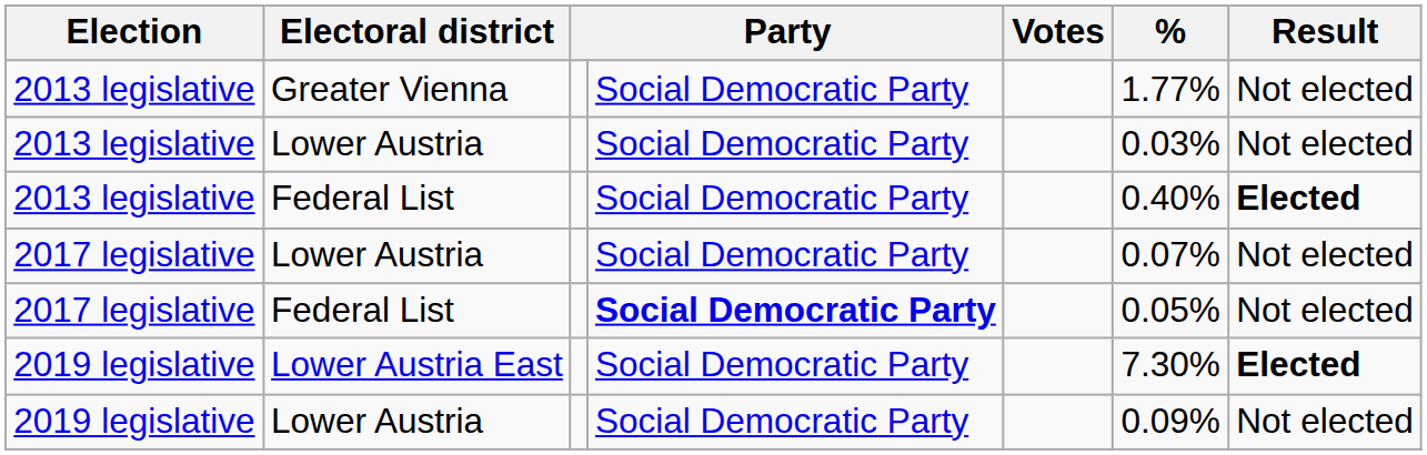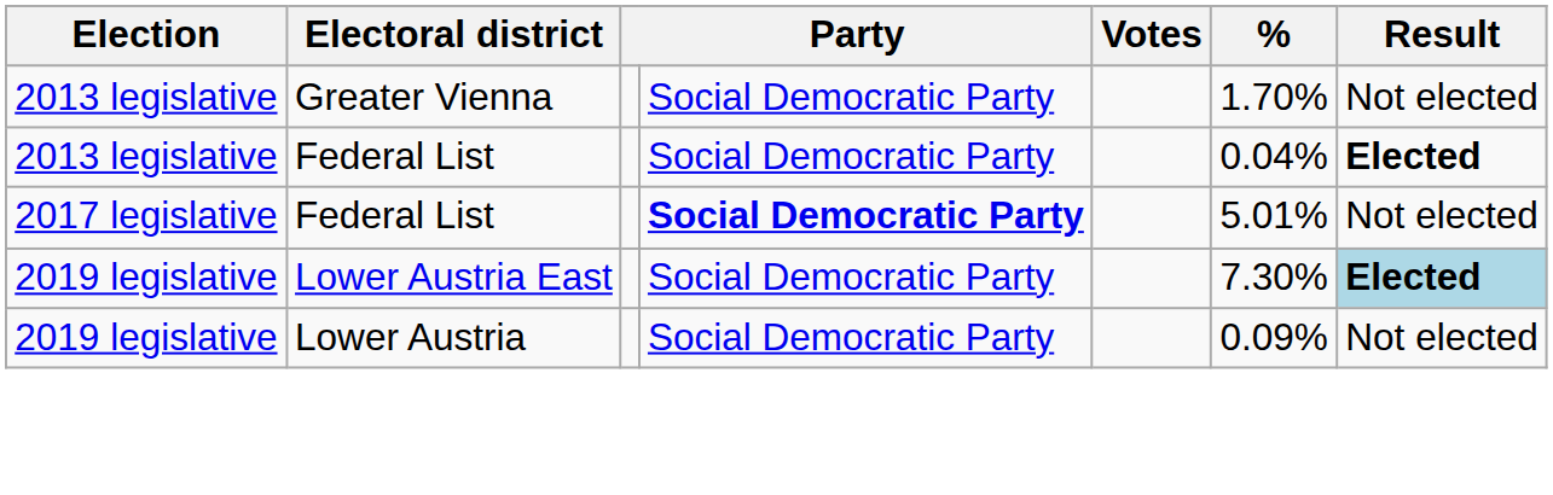 <table class="wikitable" style="text-align:left;">
 <tr>
 <th scope=col>Election</th>
 <th scope=col>Electoral district</th>
 <th scope=col colspan="2">Party</th>
 <th scope=col>Votes</th>
 <th scope=col>%</th>
 <th scope=col>Result</th>
 </tr>
 <tr>
 <td><a href='#'>2013 legislative</a></td>
 <td>Greater Vienna</td>
 <td style="background:"></td>
 <td><a href='#'>Social Democratic Party</a></td>
 <td align=right></td>
-<td align=right>1.77%</td>
-<td>Not elected</td>
-</tr>
-<tr>
-<td><a href='#'>2013 legislative</a></td>
-<td>Lower Austria</td>
-<td style="background:"></td>
-<td><a href='#'>Social Democratic Party</a></td>
-<td align=right></td>
-<td align=right>0.03%</td>
+<td align=right>1.70%</td>
 <td>Not elected</td>
 </tr>
 <tr>
 <td><a href='#'>2013 legislative</a></td>
 <td>Federal List</td>
 <td style="background:"></td>
 <td><a href='#'>Social Democratic Party</a></td>
 <td align=right></td>
-<td align=right>0.40%</td>
+<td align=right>0.04%</td>
 <td><strong>Elected</strong></td>
-</tr>
-<tr>
-<td><a href='#'>2017 legislative</a></td>
-<td>Lower Austria</td>
-<td style="background:"></td>
-<td><a href='#'>Social Democratic Party</a></td>
-<td align=right></td>
-<td align=right>0.07%</td>
-<td>Not elected</td>
 </tr>
 <tr>
 <td><a href='#'>2017 legislative</a></td>
 <td>Federal List</td>
 <td style="background:"></td>
 <td><strong><a href='#'>Social Democratic Party</a></strong></td>
 <td align=right></td>
-<td align=right>0.05%</td>
+<td align=right>5.01%</td>
 <td>Not elected</td>
 </tr>
 <tr>
 <td><a href='#'>2019 legislative</a></td>
 <td><a href='#'>Lower Austria East</a></td>
 <td style="background:"></td>
 <td><a href='#'>Social Democratic Party</a></td>
 <td align=right></td>
 <td align=right>7.30%</td>
-<td><strong>Elected</strong></td>
+<td style="background: lightblue;"><strong>Elected</strong></td>
 </tr>
 <tr>
 <td><a href='#'>2019 legislative</a></td>
 <td>Lower Austria</td>
 <td style="background:"></td>
 <td><a href='#'>Social Democratic Party</a></td>
 <td align=right></td>
 <td align=right>0.09%</td>
 <td>Not elected</td>
 </tr>
 </table>
